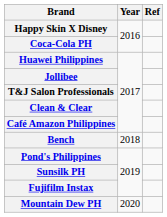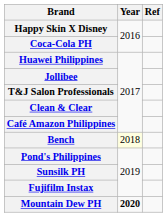 <table class="wikitable plainrowheaders" style="text-align:center;">
 <tr>
 <th scope="col">Brand</th>
 <th scope="col">Year</th>
 <th scope="col">Ref</th>
 </tr>
 <tr>
 <th scope="row" align="left">Happy Skin X Disney</th>
 <td rowspan="2">2016</td>
 <td></td>
 </tr>
 <tr>
 <th scope="row" align="left"><a href='#'>Coca-Cola PH</a></th>
 <td></td>
 </tr>
 <tr>
 <th scope="row" align="left"><a href='#'>Huawei Philippines</a></th>
 <td rowspan="5">2017</td>
 <td></td>
 </tr>
 <tr>
 <th scope="row" align="left"><a href='#'>Jollibee</a></th>
 <td></td>
 </tr>
 <tr>
 <th scope="row" align="left">T&J Salon Professionals</th>
 <td></td>
 </tr>
 <tr>
 <th scope="row" align="left"><a href='#'>Clean & Clear</a></th>
 <td></td>
 </tr>
 <tr>
 <th scope="row" align="left"><a href='#'>Café Amazon Philippines</a></th>
 <td></td>
 </tr>
 <tr>
 <th scope="row" align="left"><a href='#'>Bench</a></th>
-<td>2018</td>
+<td style="background: lightyellow;">2018</td>
 <td></td>
 </tr>
 <tr>
 <th scope="row" align="left"><a href='#'>Pond's Philippines</a></th>
 <td rowspan="3">2019</td>
 <td></td>
 </tr>
 <tr>
 <th scope="row" align="left"><a href='#'>Sunsilk PH</a></th>
 <td></td>
 </tr>
 <tr>
 <th scope="row" align="left"><a href='#'>Fujifilm Instax</a></th>
 <td></td>
 </tr>
 <tr>
 <th scope="row" align="left"><a href='#'>Mountain Dew PH</a></th>
-<td>2020</td>
+<td><strong>2020</strong></td>
 <td></td>
 </tr>
 </table>
